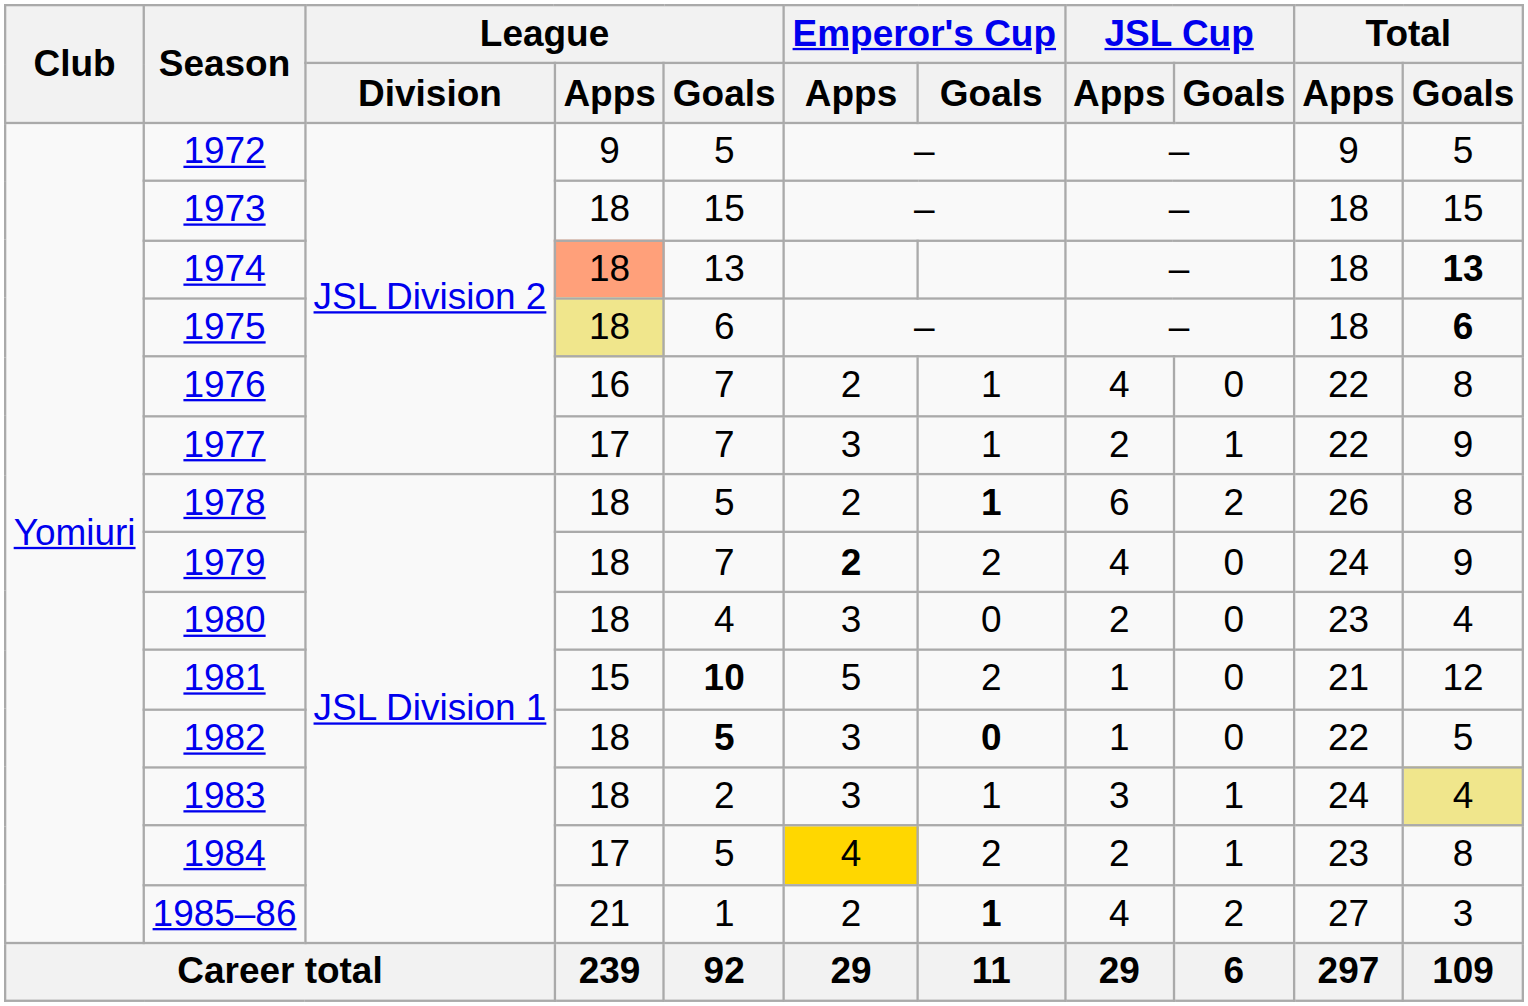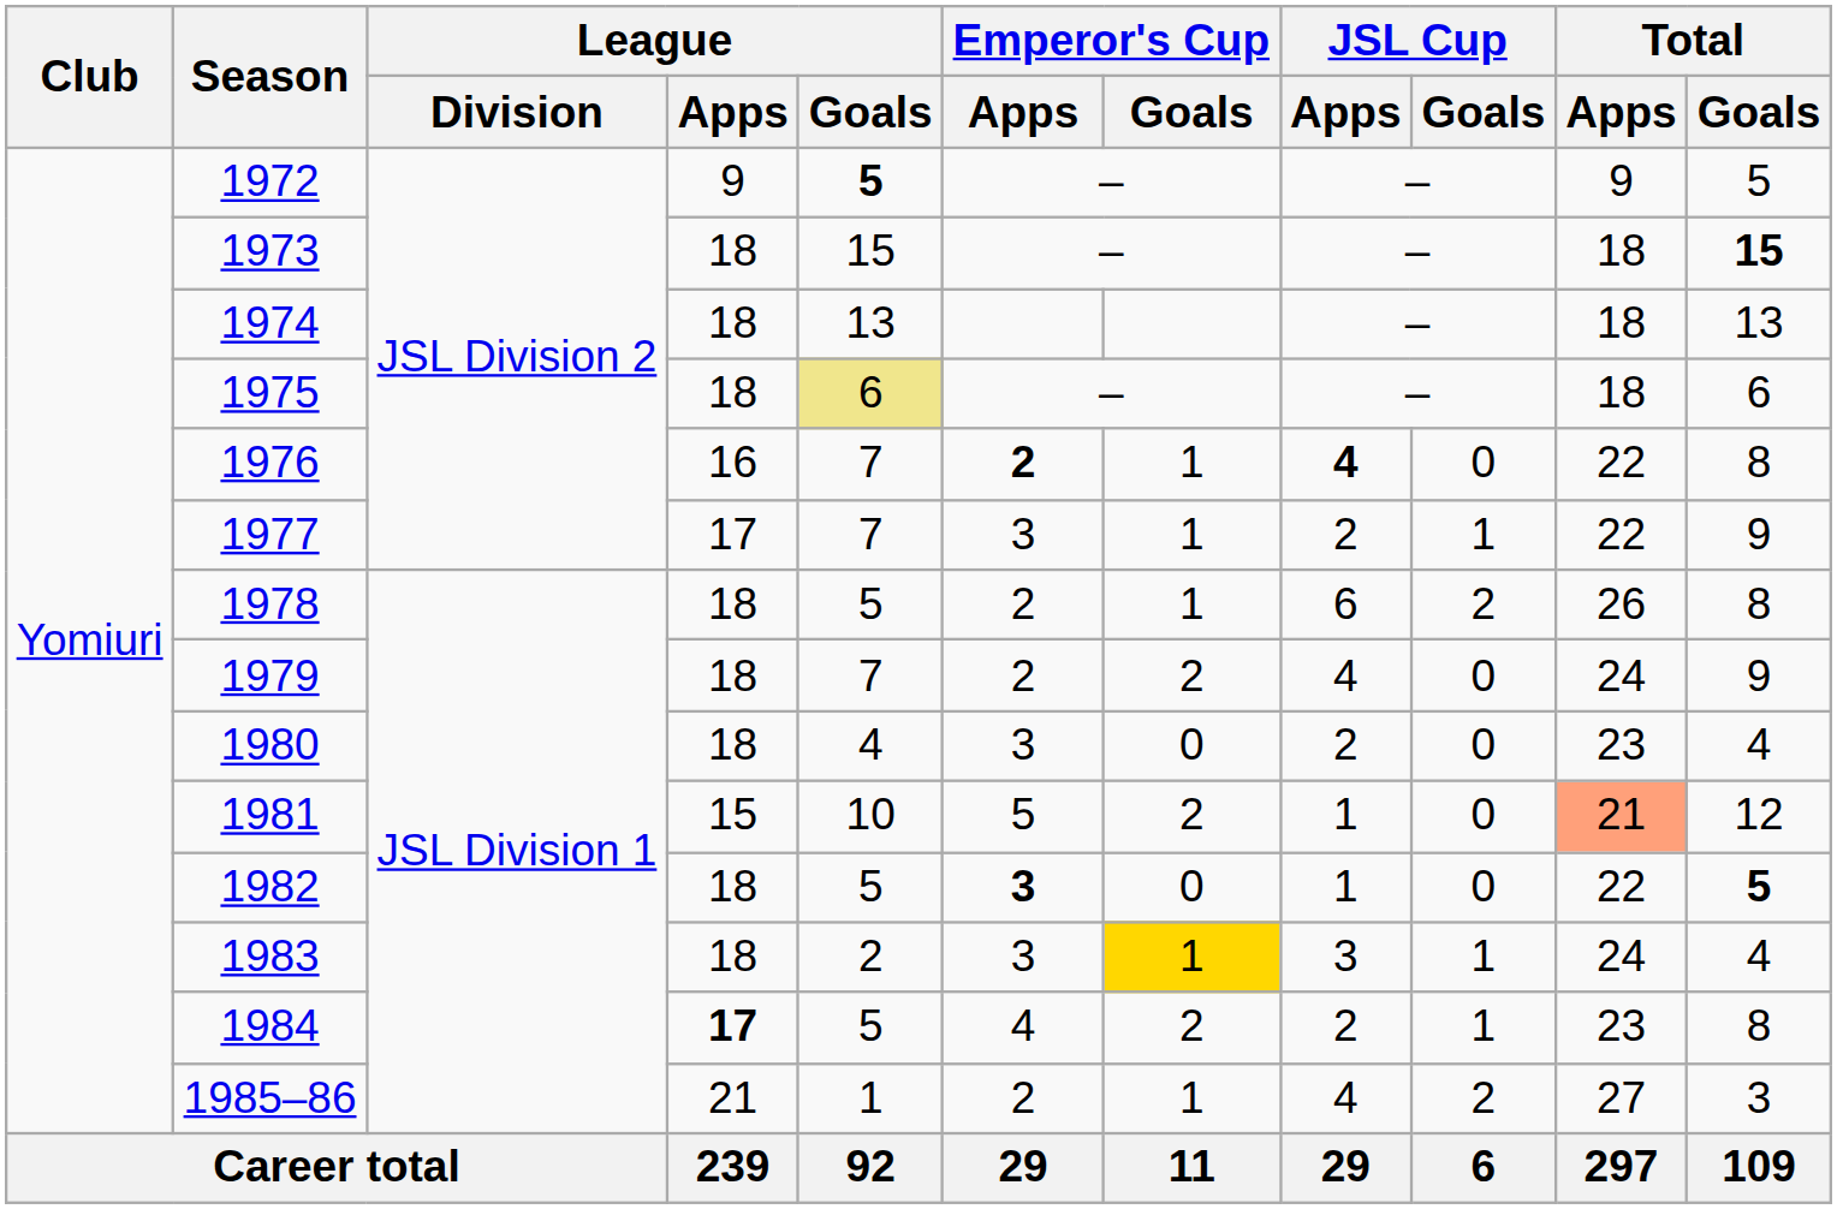 <table class="wikitable" style="text-align:center">
 <tr>
 <th rowspan="2">Club</th>
 <th rowspan="2">Season</th>
 <th colspan="3">League</th>
 <th colspan="2"><a href='#'>Emperor's Cup</a></th>
 <th colspan="2"><a href='#'>JSL Cup</a></th>
 <th colspan="2">Total</th>
 </tr>
 <tr>
 <th>Division</th>
 <th>Apps</th>
 <th>Goals</th>
 <th>Apps</th>
 <th>Goals</th>
 <th>Apps</th>
 <th>Goals</th>
 <th>Apps</th>
 <th>Goals</th>
 </tr>
 <tr>
 <td rowspan="14"><a href='#'>Yomiuri</a></td>
 <td><a href='#'>1972</a></td>
 <td rowspan="6"><a href='#'>JSL Division 2</a></td>
 <td>9</td>
-<td>5</td>
+<td><strong>5</strong></td>
 <td colspan="2">–</td>
 <td colspan="2">–</td>
 <td>9</td>
 <td>5</td>
 </tr>
 <tr>
 <td><a href='#'>1973</a></td>
 <td>18</td>
 <td>15</td>
 <td colspan="2">–</td>
 <td colspan="2">–</td>
 <td>18</td>
-<td>15</td>
+<td><strong>15</strong></td>
 </tr>
 <tr>
 <td><a href='#'>1974</a></td>
-<td style="background: lightsalmon;">18</td>
+<td>18</td>
 <td>13</td>
 <td></td>
 <td></td>
 <td colspan="2">–</td>
 <td>18</td>
-<td><strong>13</strong></td>
+<td>13</td>
 </tr>
 <tr>
 <td><a href='#'>1975</a></td>
-<td style="background: khaki;">18</td>
-<td>6</td>
+<td>18</td>
+<td style="background: khaki;">6</td>
 <td colspan="2">–</td>
 <td colspan="2">–</td>
 <td>18</td>
-<td><strong>6</strong></td>
+<td>6</td>
 </tr>
 <tr>
 <td><a href='#'>1976</a></td>
 <td>16</td>
 <td>7</td>
-<td>2</td>
+<td><strong>2</strong></td>
 <td>1</td>
-<td>4</td>
+<td><strong>4</strong></td>
 <td>0</td>
 <td>22</td>
 <td>8</td>
 </tr>
 <tr>
 <td><a href='#'>1977</a></td>
 <td>17</td>
 <td>7</td>
 <td>3</td>
 <td>1</td>
 <td>2</td>
 <td>1</td>
 <td>22</td>
 <td>9</td>
 </tr>
 <tr>
 <td><a href='#'>1978</a></td>
 <td rowspan="8"><a href='#'>JSL Division 1</a></td>
 <td>18</td>
 <td>5</td>
 <td>2</td>
-<td><strong>1</strong></td>
+<td>1</td>
 <td>6</td>
 <td>2</td>
 <td>26</td>
 <td>8</td>
 </tr>
 <tr>
 <td><a href='#'>1979</a></td>
 <td>18</td>
 <td>7</td>
-<td><strong>2</strong></td>
+<td>2</td>
 <td>2</td>
 <td>4</td>
 <td>0</td>
 <td>24</td>
 <td>9</td>
 </tr>
 <tr>
 <td><a href='#'>1980</a></td>
 <td>18</td>
 <td>4</td>
 <td>3</td>
 <td>0</td>
 <td>2</td>
 <td>0</td>
 <td>23</td>
 <td>4</td>
 </tr>
 <tr>
 <td><a href='#'>1981</a></td>
 <td>15</td>
-<td><strong>10</strong></td>
+<td>10</td>
 <td>5</td>
 <td>2</td>
 <td>1</td>
 <td>0</td>
-<td>21</td>
+<td style="background: lightsalmon;">21</td>
 <td>12</td>
 </tr>
 <tr>
 <td><a href='#'>1982</a></td>
 <td>18</td>
-<td><strong>5</strong></td>
-<td>3</td>
-<td><strong>0</strong></td>
+<td>5</td>
+<td><strong>3</strong></td>
+<td>0</td>
 <td>1</td>
 <td>0</td>
 <td>22</td>
-<td>5</td>
+<td><strong>5</strong></td>
 </tr>
 <tr>
 <td><a href='#'>1983</a></td>
 <td>18</td>
 <td>2</td>
 <td>3</td>
-<td>1</td>
+<td style="background: gold;">1</td>
 <td>3</td>
 <td>1</td>
 <td>24</td>
-<td style="background: khaki;">4</td>
+<td>4</td>
 </tr>
 <tr>
 <td><a href='#'>1984</a></td>
-<td>17</td>
+<td><strong>17</strong></td>
 <td>5</td>
-<td style="background: gold;">4</td>
+<td>4</td>
 <td>2</td>
 <td>2</td>
 <td>1</td>
 <td>23</td>
 <td>8</td>
 </tr>
 <tr>
 <td><a href='#'>1985–86</a></td>
 <td>21</td>
 <td>1</td>
 <td>2</td>
-<td><strong>1</strong></td>
+<td>1</td>
 <td>4</td>
 <td>2</td>
 <td>27</td>
 <td>3</td>
 </tr>
 <tr>
 <th colspan="3">Career total</th>
 <th>239</th>
 <th>92</th>
 <th>29</th>
 <th>11</th>
 <th>29</th>
 <th>6</th>
 <th>297</th>
 <th>109</th>
 </tr>
 </table>
